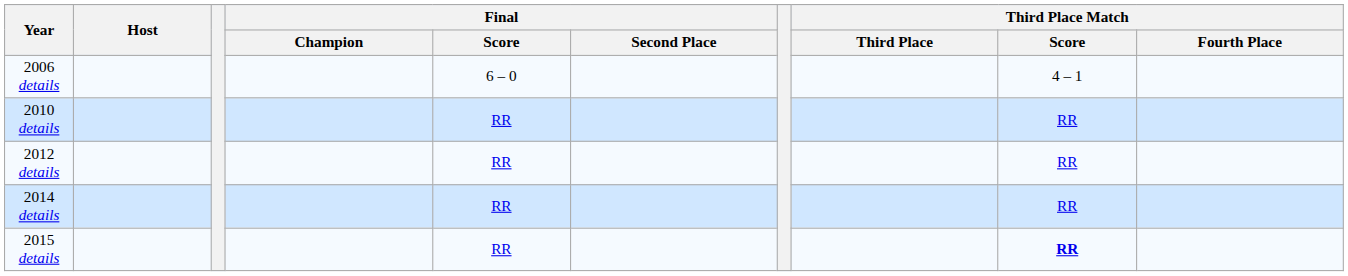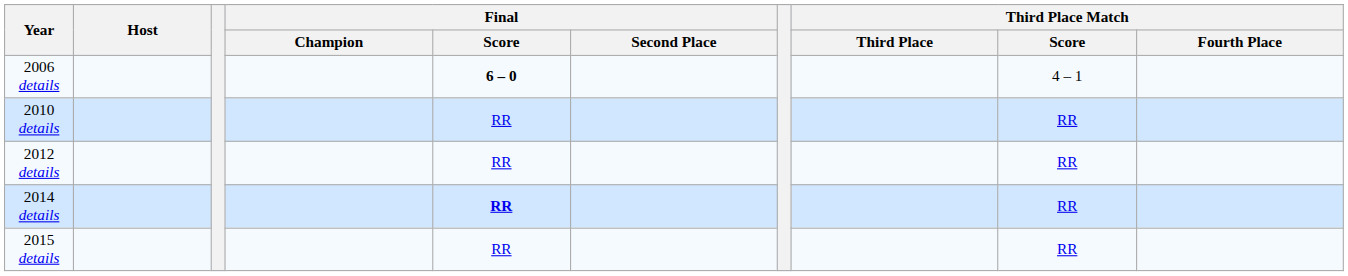 <table class="wikitable" border=1 style="border-collapse:collapse; font-size:90%; text-align:center" cellpadding=3 cellspacing=0 width=100%>
 <tr bgcolor=#C1D8FF>
 <th rowspan=2 width=5%>Year</th>
 <th rowspan=2 width=10%>Host</th>
 <th width=1% rowspan=7 bgcolor=ffffff></th>
 <th colspan=3>Final</th>
 <th width=1% rowspan=7 bgcolor=ffffff></th>
 <th colspan=3>Third Place Match</th>
 </tr>
 <tr bgcolor=#EFEFEF>
 <th width=15%>Champion</th>
 <th width=10%>Score</th>
 <th width=15%>Second Place</th>
 <th width=15%>Third Place</th>
 <th width=10%>Score</th>
 <th width=15%>Fourth Place</th>
 </tr>
 <tr bgcolor=#F5FAFF>
 <td>2006 <br> <em><a href='#'>details</a></em></td>
 <td></td>
 <td><strong></strong></td>
-<td>6 – 0</td>
+<td><strong>6 – 0</strong></td>
 <td></td>
 <td></td>
 <td>4 – 1</td>
 <td></td>
 </tr>
 <tr bgcolor=#D0E7FF>
 <td>2010  <br> <em><a href='#'>details</a></em></td>
 <td></td>
 <td><strong></strong></td>
 <td><a href='#'>RR</a></td>
 <td></td>
 <td></td>
 <td><a href='#'>RR</a></td>
 <td></td>
 </tr>
 <tr bgcolor=#F5FAFF>
 <td>2012 <br> <em><a href='#'>details</a></em></td>
 <td></td>
 <td><strong></strong></td>
 <td><a href='#'>RR</a></td>
 <td></td>
 <td></td>
 <td><a href='#'>RR</a></td>
 <td></td>
 </tr>
 <tr bgcolor=#D0E7FF>
 <td>2014 <br> <em><a href='#'>details</a></em></td>
 <td></td>
 <td><strong></strong></td>
-<td><a href='#'>RR</a></td>
+<td><strong><a href='#'>RR</a></strong></td>
 <td></td>
 <td></td>
 <td><a href='#'>RR</a></td>
 <td></td>
 </tr>
 <tr bgcolor=#F5FAFF>
 <td>2015 <br> <em><a href='#'>details</a></em></td>
 <td></td>
 <td><strong></strong></td>
 <td><a href='#'>RR</a></td>
 <td></td>
 <td></td>
-<td><strong><a href='#'>RR</a></strong></td>
+<td><a href='#'>RR</a></td>
 <td></td>
 </tr>
 </table>
